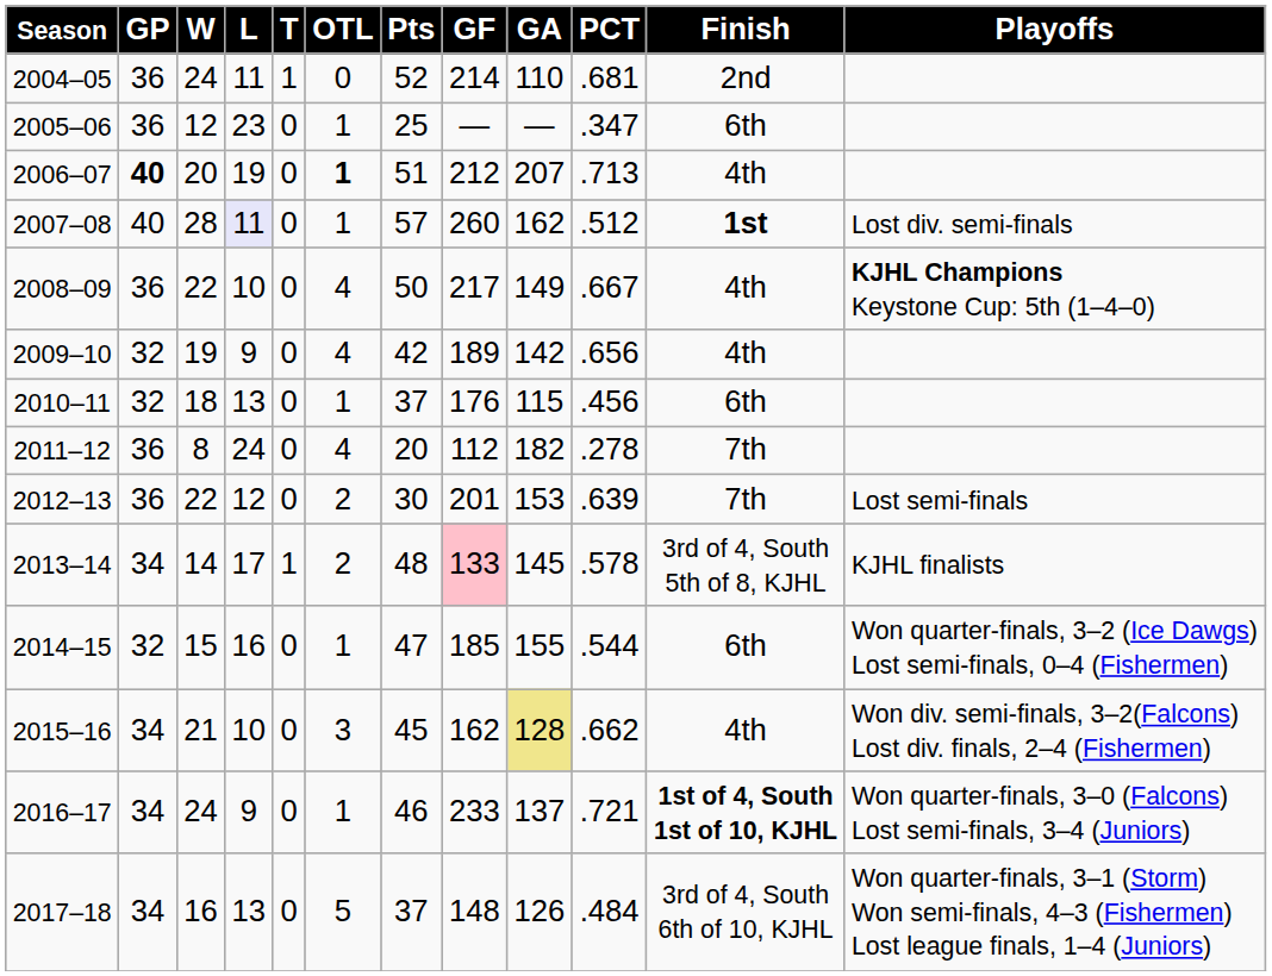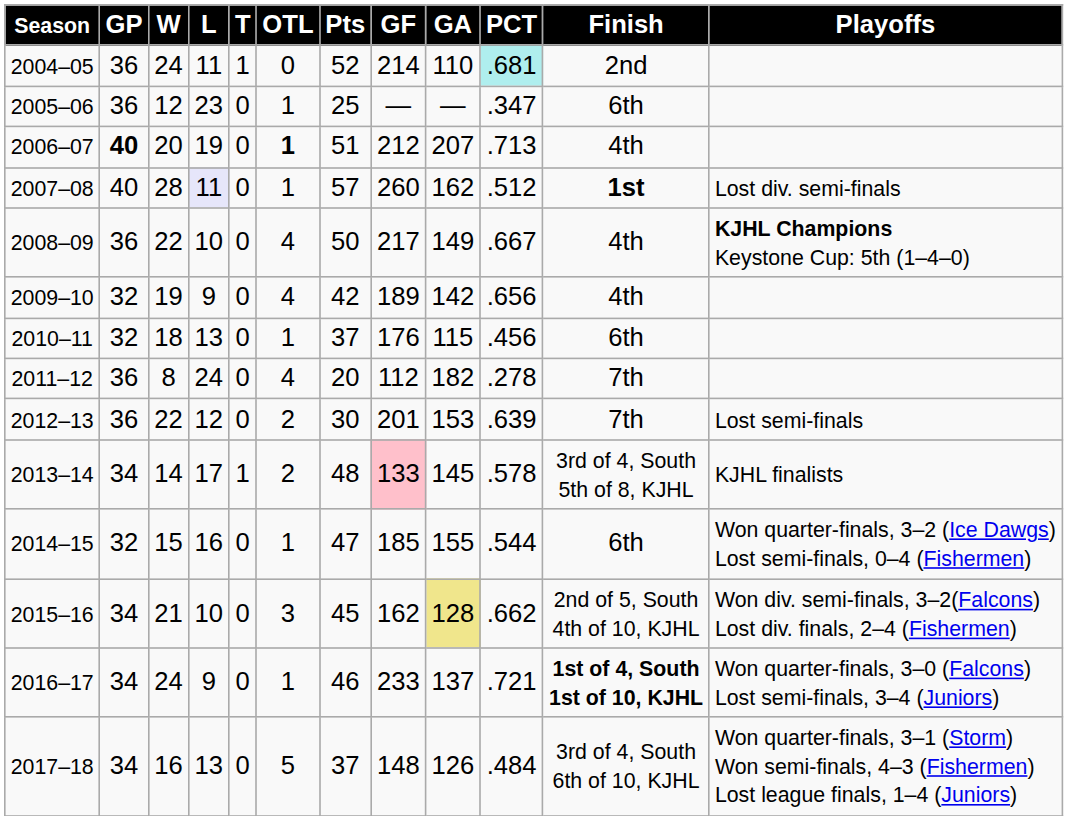 <table class="wikitable" style="text-align:center">
 <tr style="color: white; font-weight:bold; background-color:#000000;">
 <td><small>Season </small></td>
 <td>GP</td>
 <td>W</td>
 <td>L</td>
 <td>T</td>
 <td>OTL</td>
 <td>Pts</td>
 <td>GF</td>
 <td>GA</td>
 <td>PCT</td>
 <td>Finish</td>
 <td>Playoffs</td>
 </tr>
 <tr>
 <td><small>2004–05 </small></td>
 <td>36</td>
 <td>24</td>
 <td>11</td>
 <td>1</td>
 <td>0</td>
 <td>52</td>
 <td>214</td>
 <td>110</td>
-<td>.681</td>
+<td style="background: paleturquoise;">.681</td>
 <td>2nd</td>
 <td align=left> </td>
 </tr>
 <tr>
 <td><small>2005–06 </small></td>
 <td>36</td>
 <td>12</td>
 <td>23</td>
 <td>0</td>
 <td>1</td>
 <td>25</td>
 <td>—</td>
 <td>—</td>
 <td>.347</td>
 <td>6th</td>
 <td align=left> </td>
 </tr>
 <tr>
 <td><small>2006–07 </small></td>
 <td><strong>40</strong></td>
 <td>20</td>
 <td>19</td>
 <td>0</td>
 <td><strong>1</strong></td>
 <td>51</td>
 <td>212</td>
 <td>207</td>
 <td>.713</td>
 <td>4th</td>
 <td align=left> </td>
 </tr>
 <tr>
 <td><small>2007–08 </small></td>
 <td>40</td>
 <td>28</td>
 <td style="background: lavender;">11</td>
 <td>0</td>
 <td>1</td>
 <td>57</td>
 <td>260</td>
 <td>162</td>
 <td>.512</td>
 <td><strong>1st</strong></td>
 <td align=left><small>Lost div. semi-finals</small></td>
 </tr>
 <tr>
 <td><small>2008–09 </small></td>
 <td>36</td>
 <td>22</td>
 <td>10</td>
 <td>0</td>
 <td>4</td>
 <td>50</td>
 <td>217</td>
 <td>149</td>
 <td>.667</td>
 <td>4th</td>
 <td align=left><small><strong>KJHL Champions</strong><br>Keystone Cup: 5th (1–4–0)</small></td>
 </tr>
 <tr>
 <td><small>2009–10 </small></td>
 <td>32</td>
 <td>19</td>
 <td>9</td>
 <td>0</td>
 <td>4</td>
 <td>42</td>
 <td>189</td>
 <td>142</td>
 <td>.656</td>
 <td>4th</td>
 <td align=left> </td>
 </tr>
 <tr>
 <td><small>2010–11 </small></td>
 <td>32</td>
 <td>18</td>
 <td>13</td>
 <td>0</td>
 <td>1</td>
 <td>37</td>
 <td>176</td>
 <td>115</td>
 <td>.456</td>
 <td>6th</td>
 <td align=left> </td>
 </tr>
 <tr>
 <td><small>2011–12 </small></td>
 <td>36</td>
 <td>8</td>
 <td>24</td>
 <td>0</td>
 <td>4</td>
 <td>20</td>
 <td>112</td>
 <td>182</td>
 <td>.278</td>
 <td>7th</td>
 <td align=left> </td>
 </tr>
 <tr>
 <td><small>2012–13 </small></td>
 <td>36</td>
 <td>22</td>
 <td>12</td>
 <td>0</td>
 <td>2</td>
 <td>30</td>
 <td>201</td>
 <td>153</td>
 <td>.639</td>
 <td>7th</td>
 <td align=left><small>Lost semi-finals</small></td>
 </tr>
 <tr>
 <td><small>2013–14 </small></td>
 <td>34</td>
 <td>14</td>
 <td>17</td>
 <td>1</td>
 <td>2</td>
 <td>48</td>
 <td style="background: pink;">133</td>
 <td>145</td>
 <td>.578</td>
 <td><small>3rd of 4, South<br>5th of 8, KJHL</small></td>
 <td align=left><small>KJHL finalists</small></td>
 </tr>
 <tr>
 <td><small>2014–15 </small></td>
 <td>32</td>
 <td>15</td>
 <td>16</td>
 <td>0</td>
 <td>1</td>
 <td>47</td>
 <td>185</td>
 <td>155</td>
 <td>.544</td>
 <td>6th</td>
 <td align=left><small>Won quarter-finals, 3–2 (<a href='#'>Ice Dawgs</a>)<br>Lost semi-finals, 0–4 (<a href='#'>Fishermen</a>)</small></td>
 </tr>
 <tr>
 <td><small>2015–16 </small></td>
 <td>34</td>
 <td>21</td>
 <td>10</td>
 <td>0</td>
 <td>3</td>
 <td>45</td>
 <td>162</td>
 <td style="background: khaki;">128</td>
 <td>.662</td>
-<td>4th</td>
+<td><small>2nd of 5, South<br>4th of 10, KJHL</small></td>
 <td align=left><small>Won div. semi-finals, 3–2(<a href='#'>Falcons</a>)<br>Lost div. finals, 2–4 (<a href='#'>Fishermen</a>)</small></td>
 </tr>
 <tr>
 <td><small>2016–17 </small></td>
 <td>34</td>
 <td>24</td>
 <td>9</td>
 <td>0</td>
 <td>1</td>
 <td>46</td>
 <td>233</td>
 <td>137</td>
 <td>.721</td>
 <td><small><strong>1st of 4, South</strong><br><strong>1st of 10, KJHL</strong></small></td>
 <td align=left><small>Won quarter-finals, 3–0 (<a href='#'>Falcons</a>)<br>Lost semi-finals, 3–4 (<a href='#'>Juniors</a>)</small></td>
 </tr>
 <tr>
 <td><small>2017–18 </small></td>
 <td>34</td>
 <td>16</td>
 <td>13</td>
 <td>0</td>
 <td>5</td>
 <td>37</td>
 <td>148</td>
 <td>126</td>
 <td>.484</td>
 <td><small>3rd of 4, South<br>6th of 10, KJHL</small></td>
 <td align=left><small>Won quarter-finals, 3–1 (<a href='#'>Storm</a>)<br>Won semi-finals, 4–3 (<a href='#'>Fishermen</a>)<br>Lost league finals, 1–4 (<a href='#'>Juniors</a>)</small></td>
 </tr>
 </table>
